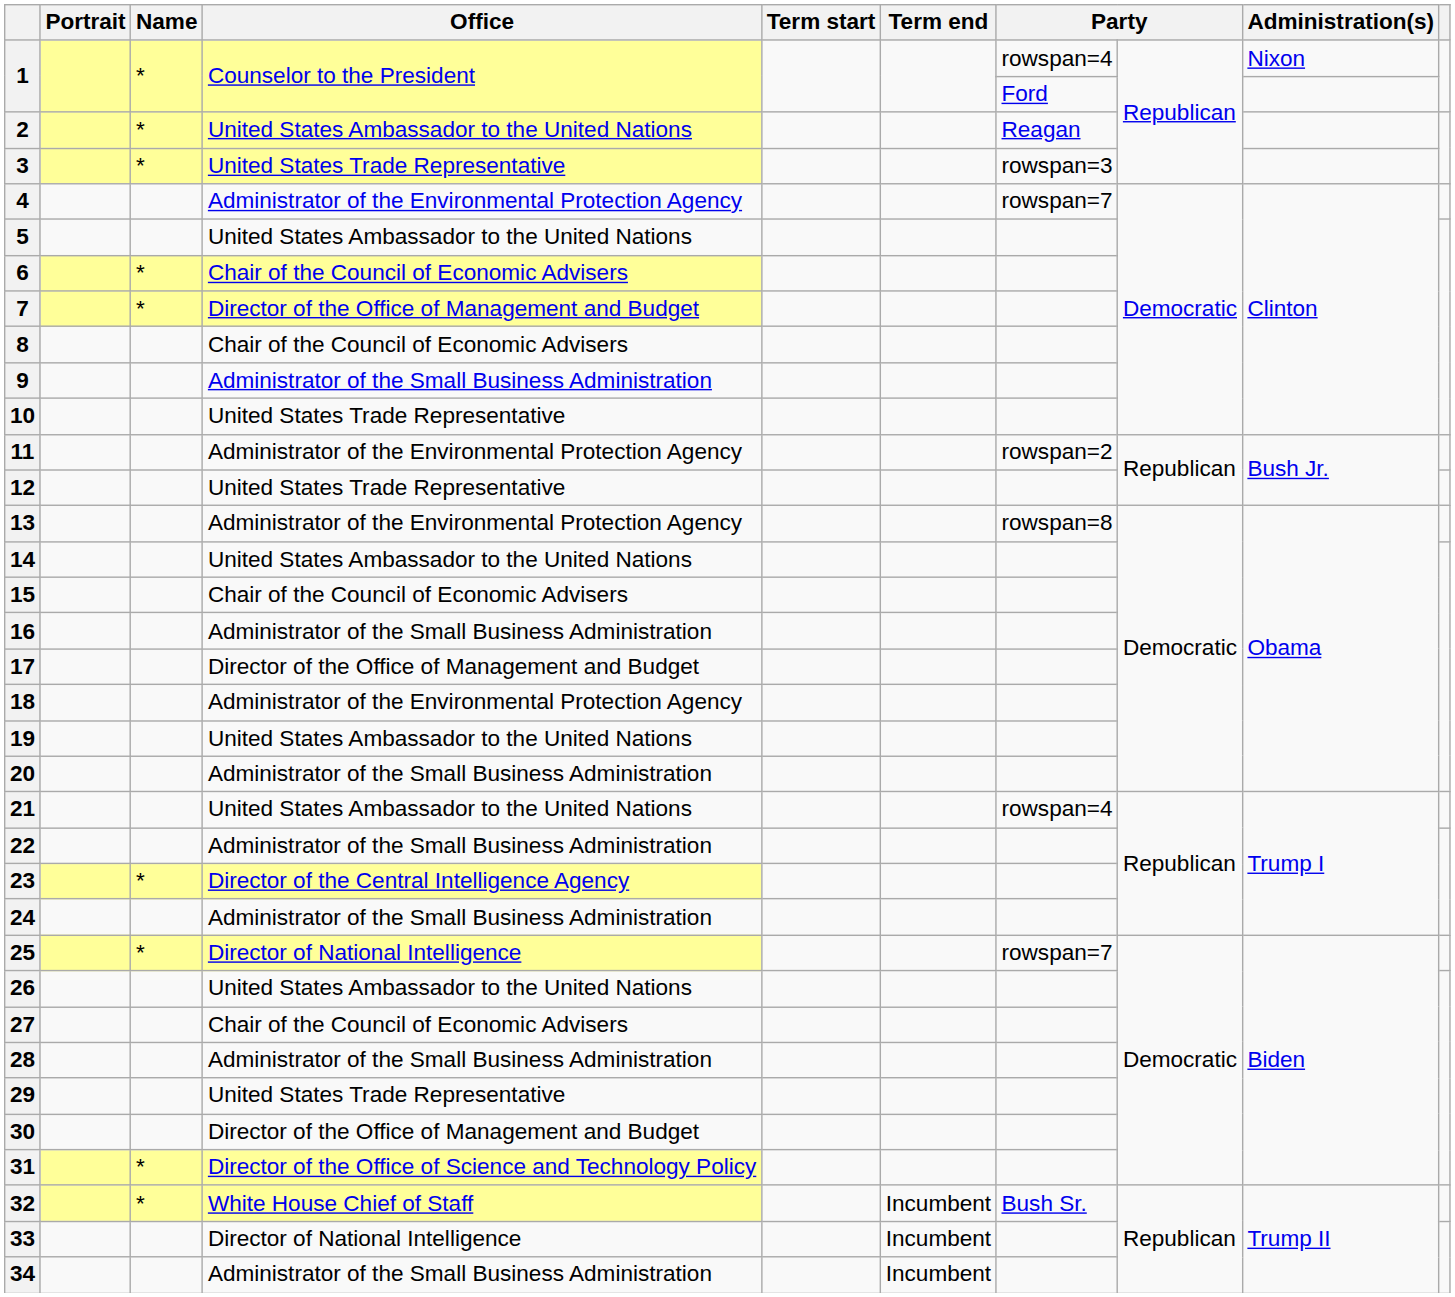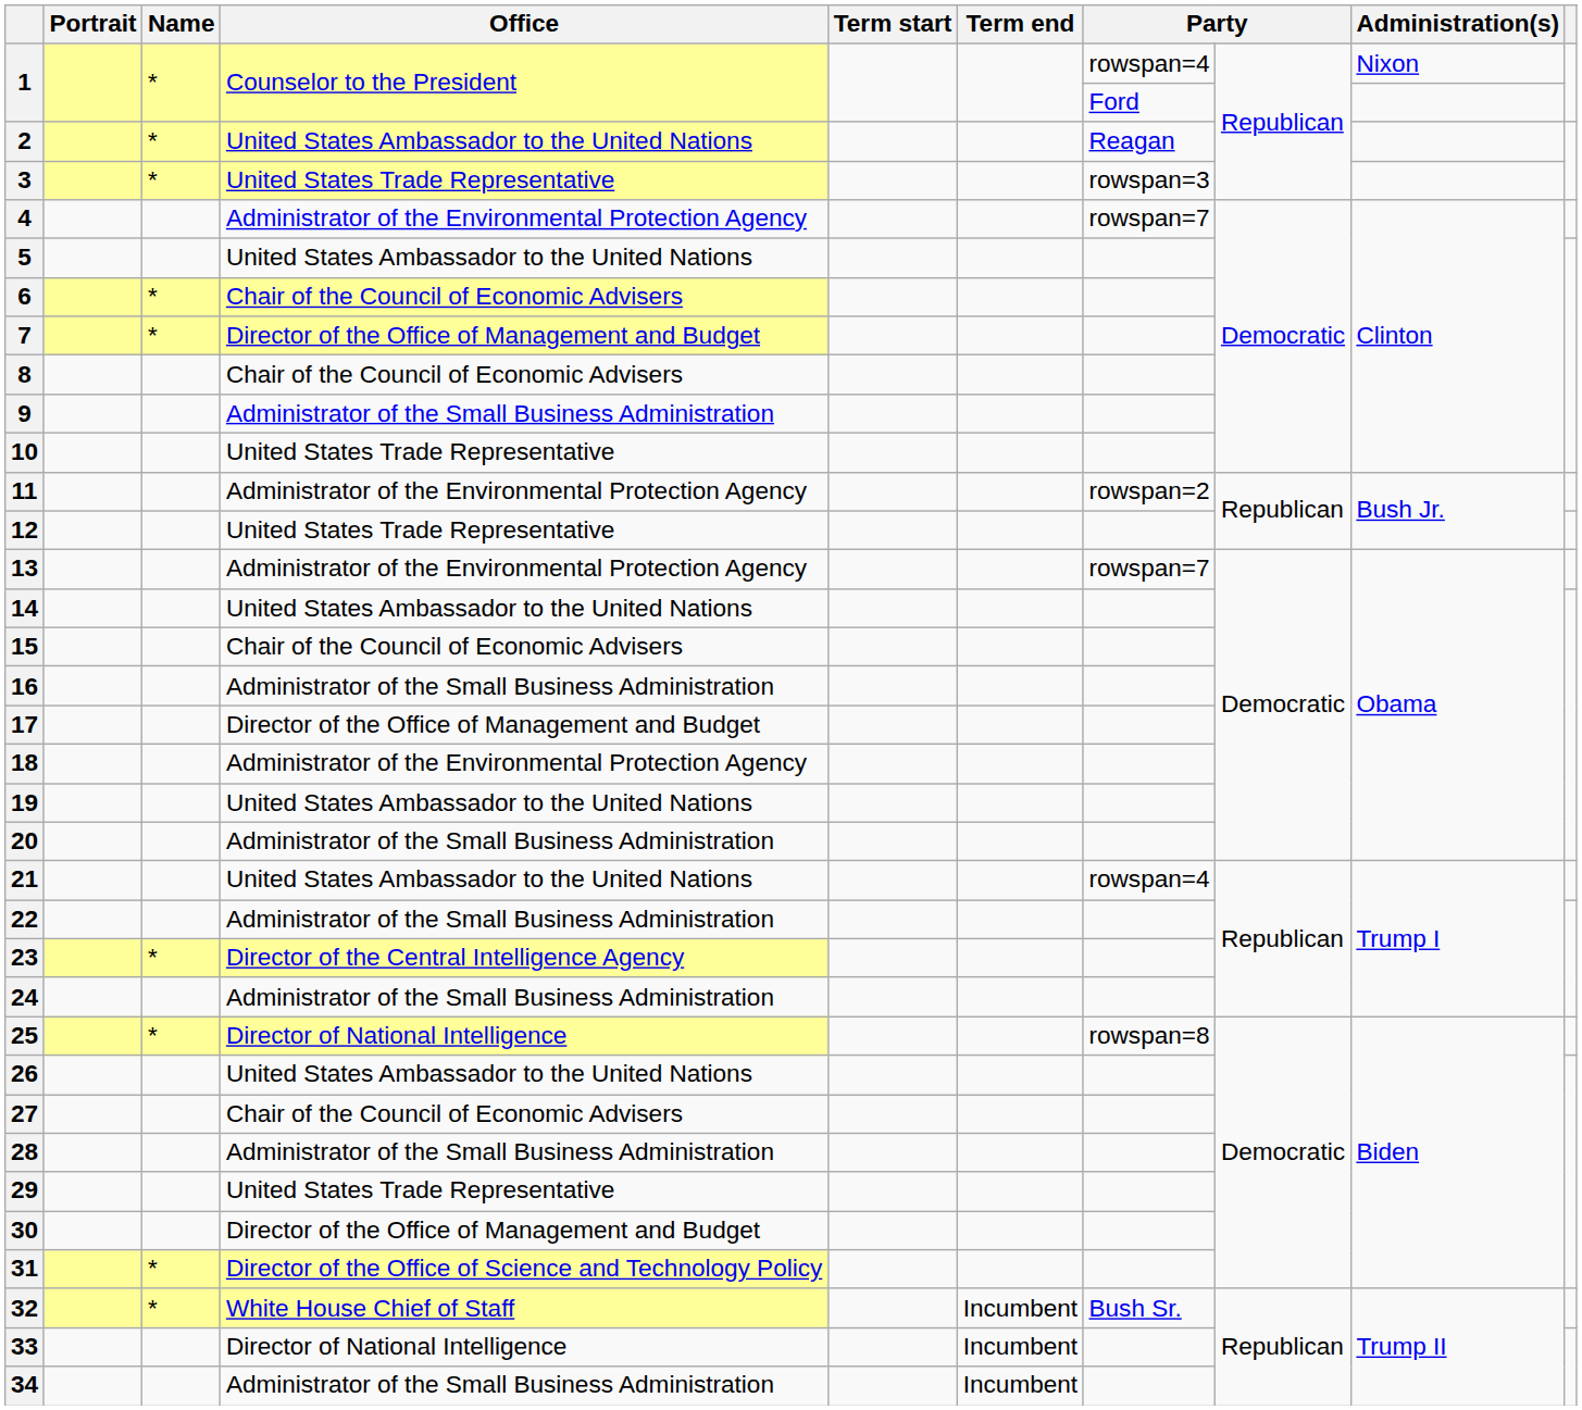 <table class="wikitable sortable">
 <tr>
 <th scope="col"></th>
 <th scope="col">Portrait</th>
 <th scope="col">Name</th>
 <th scope="col">Office</th>
 <th scope="col">Term start</th>
 <th scope="col">Term end</th>
 <th scope="col" colspan=2>Party</th>
 <th scope="col">Administration(s)</th>
 <th scope="col" class="unsortable"></th>
 </tr>
 <tr>
 <th scope="row" rowspan=2>1</th>
 <td bgcolor="#FFFF99" rowspan=2 data-sort-value="Armstrong, Anne"></td>
 <td bgcolor="#FFFF99" rowspan=2>*</td>
 <td bgcolor="#FFFF99" rowspan=2><a href='#'>Counselor to the President</a></td>
 <td rowspan=2></td>
 <td rowspan=2></td>
 <td>rowspan=4 </td>
 <td rowspan=4><a href='#'>Republican</a></td>
 <td><a href='#'>Nixon</a></td>
 <td align="center" rowspan=2></td>
 </tr>
 <tr>
 <td><a href='#'>Ford</a></td>
 </tr>
 <tr>
 <th scope="row">2</th>
 <td bgcolor="#FFFF99" data-sort-value="Kirkpatrick, Jeane"></td>
 <td bgcolor="#FFFF99">*</td>
 <td bgcolor="#FFFF99"><a href='#'>United States Ambassador to the United Nations</a></td>
 <td></td>
 <td></td>
 <td><a href='#'>Reagan</a></td>
 <td align="center"></td>
 </tr>
 <tr>
 <th scope="row">3</th>
 <td bgcolor="#FFFF99" data-sort-value="Hills, Carla Anderson"></td>
 <td bgcolor="#FFFF99">*</td>
 <td bgcolor="#FFFF99"><a href='#'>United States Trade Representative</a></td>
 <td></td>
 <td></td>
 <td>rowspan=3 </td>
 <td align="center"></td>
 </tr>
 <tr>
 <th scope="row">4</th>
 <td data-sort-value="Browner, Carol"></td>
 <td></td>
 <td><a href='#'>Administrator of the Environmental Protection Agency</a></td>
 <td></td>
 <td></td>
 <td>rowspan=7 </td>
 <td rowspan=7><a href='#'>Democratic</a></td>
 <td rowspan=7><a href='#'>Clinton</a></td>
 <td align="center"></td>
 </tr>
 <tr>
 <th scope="row">5</th>
 <td data-sort-value="Albright, Madeleine"></td>
 <td></td>
 <td>United States Ambassador to the United Nations</td>
 <td></td>
 <td></td>
 <td align="center"></td>
 </tr>
 <tr>
 <th scope="row">6</th>
 <td bgcolor="#FFFF99" data-sort-value="Tyson, Laura"></td>
 <td bgcolor="#FFFF99">*</td>
 <td bgcolor="#FFFF99"><a href='#'>Chair of the Council of Economic Advisers</a></td>
 <td></td>
 <td></td>
 <td align="center"></td>
 </tr>
 <tr>
 <th scope="row">7</th>
 <td bgcolor="#FFFF99" data-sort-value="Rivlin, Alice"></td>
 <td bgcolor="#FFFF99">*</td>
 <td bgcolor="#FFFF99"><a href='#'>Director of the Office of Management and Budget</a></td>
 <td></td>
 <td></td>
 <td align="center"></td>
 </tr>
 <tr>
 <th scope="row">8</th>
 <td data-sort-value="Yellen, Janet"></td>
 <td></td>
 <td>Chair of the Council of Economic Advisers</td>
 <td></td>
 <td></td>
 <td align="center"></td>
 </tr>
 <tr>
 <th scope="row">9</th>
 <td data-sort-value="Álvarez, Aida"></td>
 <td></td>
 <td><a href='#'>Administrator of the Small Business Administration</a></td>
 <td></td>
 <td></td>
 <td align="center"></td>
 </tr>
 <tr>
 <th scope="row">10</th>
 <td data-sort-value="Barshefsky, Charlene"></td>
 <td></td>
 <td>United States Trade Representative</td>
 <td></td>
 <td></td>
 <td align="center"></td>
 </tr>
 <tr>
 <th scope="row">11</th>
 <td data-sort-value="Whitman, Christine Todd"></td>
 <td></td>
 <td>Administrator of the Environmental Protection Agency</td>
 <td></td>
 <td></td>
 <td>rowspan=2 </td>
 <td rowspan=2>Republican</td>
 <td rowspan=2><a href='#'>Bush Jr.</a></td>
 <td align="center"></td>
 </tr>
 <tr>
 <th scope="row">12</th>
 <td data-sort-value="Schwab, Susan"></td>
 <td></td>
 <td>United States Trade Representative</td>
 <td></td>
 <td></td>
 <td align="center"></td>
 </tr>
 <tr>
 <th scope="row">13</th>
 <td data-sort-value="Jackson, Lisa P."></td>
 <td></td>
 <td>Administrator of the Environmental Protection Agency</td>
 <td></td>
 <td></td>
-<td>rowspan=8 </td>
+<td>rowspan=7 </td>
 <td rowspan=8>Democratic</td>
 <td rowspan=8><a href='#'>Obama</a></td>
 <td align="center"></td>
 </tr>
 <tr>
 <th scope="row">14</th>
 <td data-sort-value="Rice, Susan"></td>
 <td></td>
 <td>United States Ambassador to the United Nations</td>
 <td></td>
 <td></td>
 <td align="center"></td>
 </tr>
 <tr>
 <th scope="row">15</th>
 <td data-sort-value="Romer, Christina"></td>
 <td></td>
 <td>Chair of the Council of Economic Advisers</td>
 <td></td>
 <td></td>
 <td align="center"></td>
 </tr>
 <tr>
 <th scope="row">16</th>
 <td data-sort-value="Mills, Karen"></td>
 <td></td>
 <td>Administrator of the Small Business Administration</td>
 <td></td>
 <td></td>
 <td align="center"></td>
 </tr>
 <tr>
 <th scope="row">17</th>
 <td data-sort-type="Burwell, Sylvia Mathews"></td>
 <td></td>
 <td>Director of the Office of Management and Budget</td>
 <td></td>
 <td></td>
 <td align="center"></td>
 </tr>
 <tr>
 <th scope="row">18</th>
 <td data-sort-value="McCarthy, Gina"></td>
 <td></td>
 <td>Administrator of the Environmental Protection Agency</td>
 <td></td>
 <td></td>
 <td align="center"></td>
 </tr>
 <tr>
 <th scope="row">19</th>
 <td data-sort-value="Power, Samantha"></td>
 <td></td>
 <td>United States Ambassador to the United Nations</td>
 <td></td>
 <td></td>
 <td align="center"></td>
 </tr>
 <tr>
 <th scope="row">20</th>
 <td data-sort-value="Contreras-Sweet, Maria"></td>
 <td></td>
 <td>Administrator of the Small Business Administration</td>
 <td></td>
 <td></td>
 <td align="center"></td>
 </tr>
 <tr>
 <th scope="row">21</th>
 <td data-sort-value="Haley, Nikki"></td>
 <td></td>
 <td>United States Ambassador to the United Nations</td>
 <td></td>
 <td></td>
 <td>rowspan=4 </td>
 <td rowspan=4>Republican</td>
 <td rowspan=4><a href='#'>Trump I</a></td>
 <td align="center"></td>
 </tr>
 <tr>
 <th scope="row">22</th>
 <td data-sort-value="McMahon, Linda"></td>
 <td></td>
 <td>Administrator of the Small Business Administration</td>
 <td></td>
 <td></td>
 <td align="center"></td>
 </tr>
 <tr>
 <th scope="row">23</th>
 <td bgcolor="#FFFF99" data-sort-value="Haspel, Gina"></td>
 <td bgcolor="#FFFF99">*</td>
 <td bgcolor="#FFFF99"><a href='#'>Director of the Central Intelligence Agency</a></td>
 <td></td>
 <td></td>
 <td align="center"></td>
 </tr>
 <tr>
 <th scope="row">24</th>
 <td data-sort-value="Carranza, Jovita"></td>
 <td></td>
 <td>Administrator of the Small Business Administration</td>
 <td></td>
 <td></td>
 <td align="center"></td>
 </tr>
 <tr>
 <th scope="row">25</th>
 <td bgcolor="#FFFF99" data-sort-value="Haines, Avril"></td>
 <td bgcolor="#FFFF99">*</td>
 <td bgcolor="#FFFF99"><a href='#'>Director of National Intelligence</a></td>
 <td></td>
 <td></td>
-<td>rowspan=7 </td>
+<td>rowspan=8 </td>
 <td rowspan=7>Democratic</td>
 <td rowspan=7><a href='#'>Biden</a></td>
 <td align="center"></td>
 </tr>
 <tr>
 <th scope="row">26</th>
 <td data-sort-value="Thomas-Greenfield, Linda"></td>
 <td></td>
 <td>United States Ambassador to the United Nations</td>
 <td></td>
 <td></td>
 <td align="center"></td>
 </tr>
 <tr>
 <th scope="row">27</th>
 <td data-sort-value="Rouse, Cecilia"></td>
 <td></td>
 <td>Chair of the Council of Economic Advisers</td>
 <td></td>
 <td></td>
 <td align="center"></td>
 </tr>
 <tr>
 <th scope="row">28</th>
 <td data-sort-value="Guzman, Isabel"></td>
 <td></td>
 <td>Administrator of the Small Business Administration</td>
 <td></td>
 <td></td>
 <td align="center"></td>
 </tr>
 <tr>
 <th scope="row">29</th>
 <td data-sort-value="Tai, Katherine"></td>
 <td></td>
 <td>United States Trade Representative</td>
 <td></td>
 <td></td>
 <td align="center"></td>
 </tr>
 <tr>
 <th scope="row">30</th>
 <td data-sort-value="Young, Shalanda"></td>
 <td></td>
 <td>Director of the Office of Management and Budget</td>
 <td></td>
 <td></td>
 <td align="center"></td>
 </tr>
 <tr>
 <th scope="row">31</th>
 <td bgcolor="#FFFF99" data-sort-value="Prabhakar, Arati"></td>
 <td bgcolor="#FFFF99">*</td>
 <td bgcolor="#FFFF99"><a href='#'>Director of the Office of Science and Technology Policy</a></td>
 <td></td>
 <td></td>
 <td align="center"></td>
 </tr>
 <tr>
 <th>32</th>
 <td bgcolor="#FFFF99" data-sort-value="Wiles, Susie"></td>
 <td bgcolor="#FFFF99">*</td>
 <td bgcolor="#FFFF99"><a href='#'>White House Chief of Staff</a></td>
 <td></td>
 <td>Incumbent</td>
 <td><a href='#'>Bush Sr.</a></td>
 <td rowspan=3>Republican</td>
 <td rowspan=3><a href='#'>Trump II</a></td>
 <td></td>
 </tr>
 <tr>
 <th scope="row">33</th>
 <td data-sort-value="Gabbard, Tulsi"></td>
 <td></td>
 <td>Director of National Intelligence</td>
 <td></td>
 <td>Incumbent</td>
 <td align="center"></td>
 </tr>
 <tr>
 <th scope="row">34</th>
 <td data-sort-value="Loeffler, Kelly"></td>
 <td></td>
 <td>Administrator of the Small Business Administration</td>
 <td></td>
 <td>Incumbent</td>
 <td align="center"><br></td>
 </tr>
 </table>
